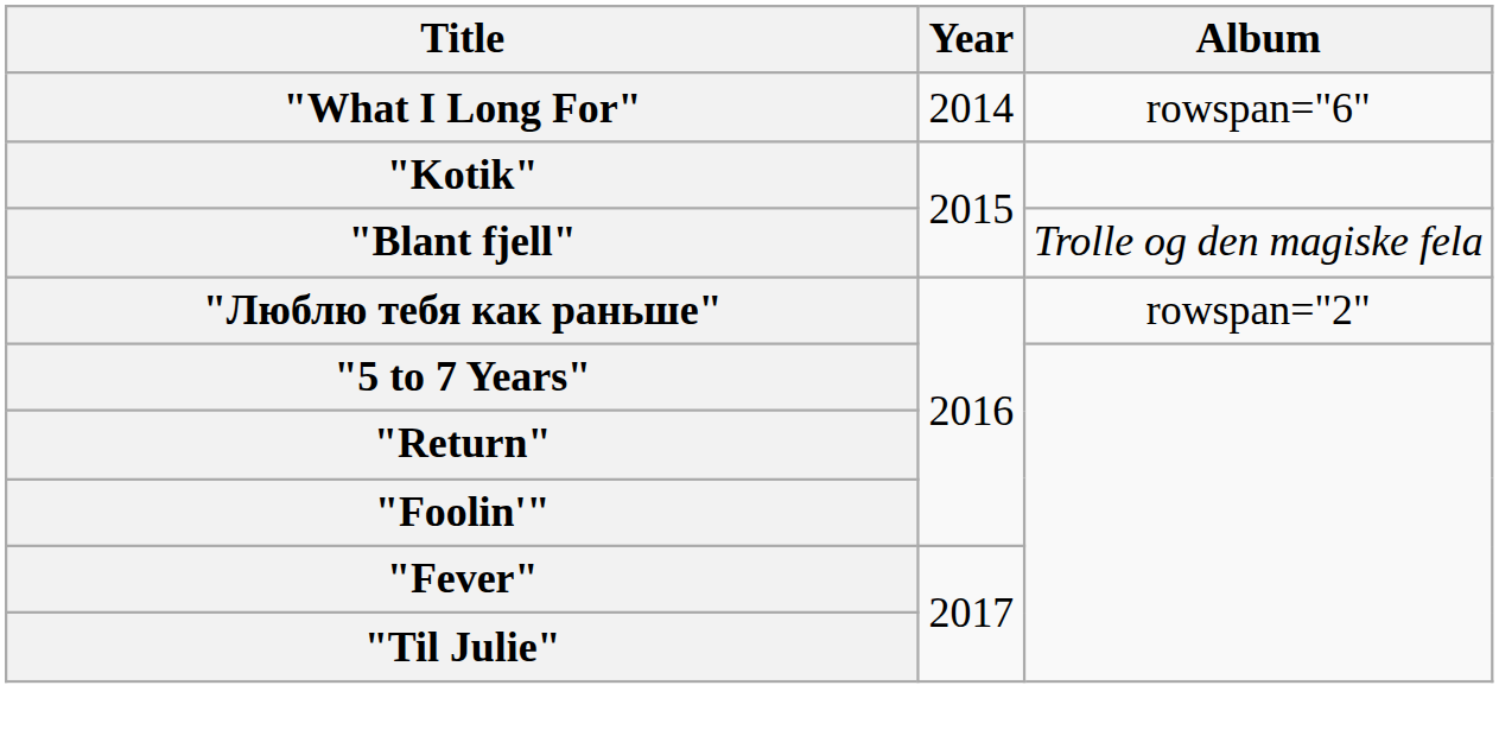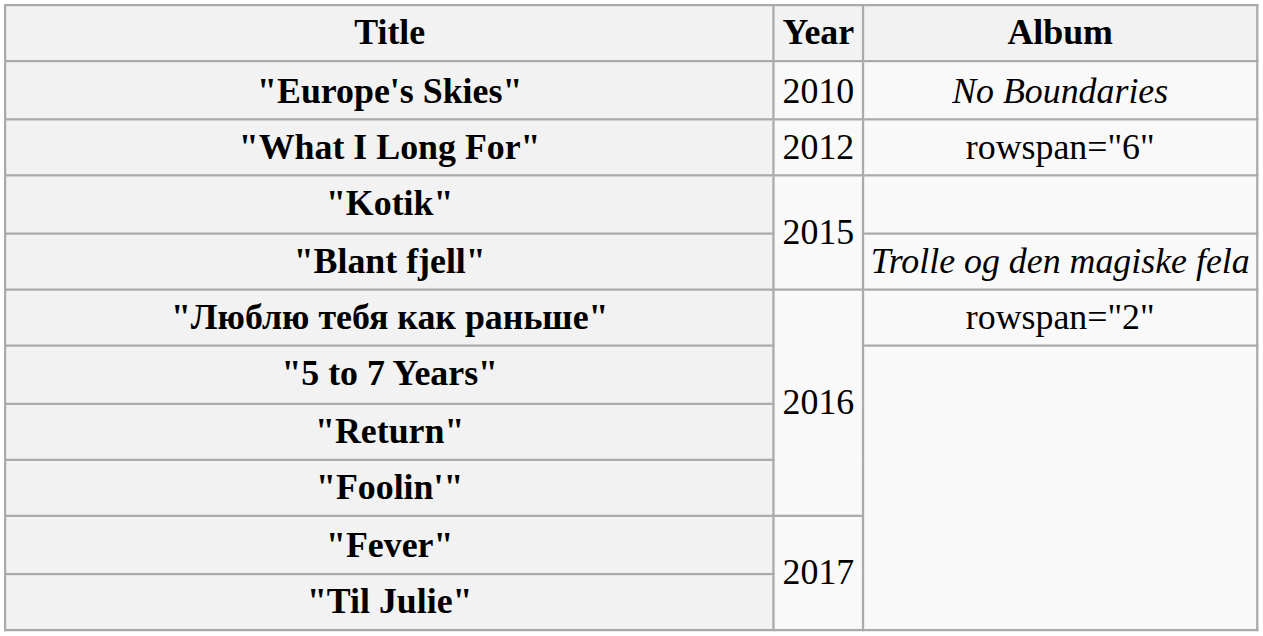 <table class="wikitable plainrowheaders" style="text-align:center;">
 <tr>
 <th scope="col" style="width:21em;">Title</th>
 <th scope="col" style="width:1em;">Year</th>
 <th scope="col">Album</th>
 </tr>
 <tr>
+<th scope="row">"Europe's Skies"</th>
+<td>2010</td>
+<td><em>No Boundaries</em></td>
+</tr>
+<tr>
 <th scope="row">"What I Long For"</th>
-<td>2014</td>
+<td>2012</td>
 <td>rowspan="6" </td>
 </tr>
 <tr>
 <th scope="row">"Kotik"</th>
 <td rowspan="2">2015</td>
 </tr>
 <tr>
 <th scope="row">"Blant fjell"</th>
 <td><em>Trolle og den magiske fela</em></td>
 </tr>
 <tr>
 <th scope="row">"Люблю тебя как раньше"</th>
 <td rowspan="4">2016</td>
 <td>rowspan="2" </td>
 </tr>
 <tr>
 <th scope="row">"5 to 7 Years"</th>
 </tr>
 <tr>
 <th scope="row">"Return"</th>
 </tr>
 <tr>
 <th scope="row">"Foolin'"</th>
 </tr>
 <tr>
 <th scope="row">"Fever"</th>
 <td rowspan="2">2017</td>
 </tr>
 <tr>
 <th scope="row">"Til Julie"</th>
 </tr>
 </table>
